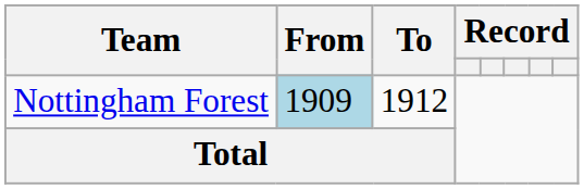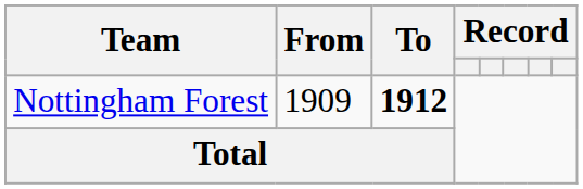 <table class=wikitable style="text-align: center">
 <tr>
 <th rowspan=2>Team</th>
 <th rowspan=2>From</th>
 <th rowspan=2>To</th>
 <th colspan=5>Record</th>
 </tr>
 <tr>
 <th></th>
 <th></th>
 <th></th>
 <th></th>
 <th></th>
 </tr>
 <tr>
 <td align=left><a href='#'>Nottingham Forest</a></td>
-<td align=left style="background: lightblue;">1909</td>
-<td align=left>1912<br></td>
+<td align=left>1909</td>
+<td align=left><strong>1912<br></strong></td>
 </tr>
 <tr>
 <th colspan=3>Total<br></th>
 </tr>
 </table>
